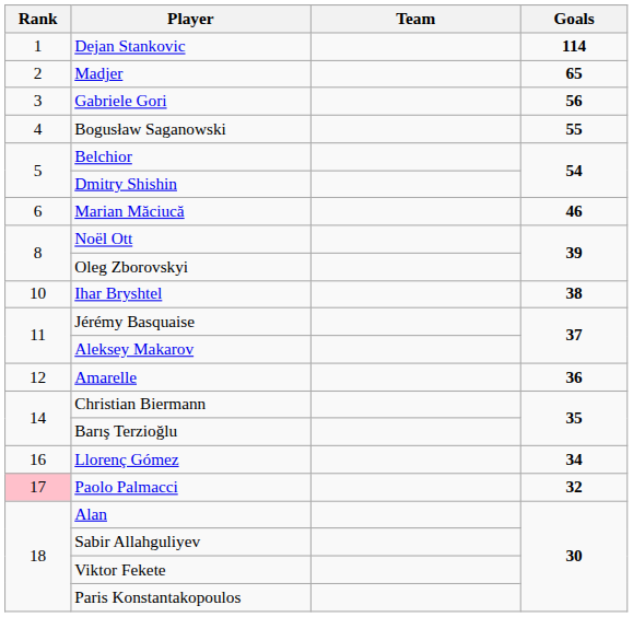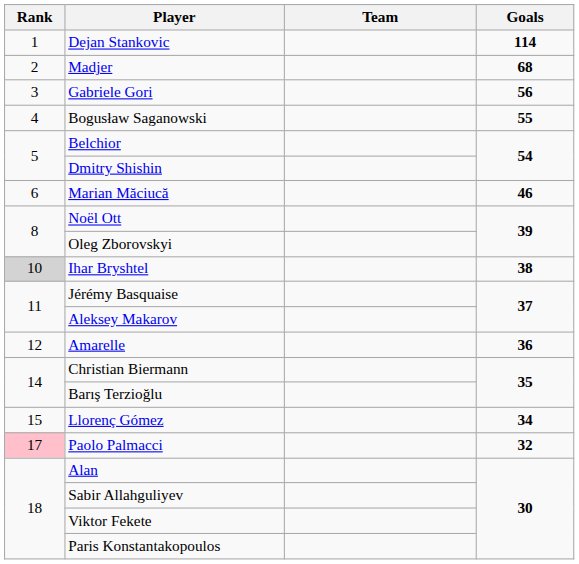 <table class="wikitable" style="text-align:center; font-size: 90%">
 <tr>
 <th width=50>Rank</th>
 <th width=200>Player</th>
 <th width=175>Team</th>
 <th width=85>Goals</th>
 </tr>
 <tr>
 <td>1</td>
 <td style="text-align:left"><a href='#'>Dejan Stankovic</a></td>
 <td style="text-align:left"></td>
 <td><strong>114</strong></td>
 </tr>
 <tr>
 <td>2</td>
 <td style="text-align:left"><a href='#'>Madjer</a></td>
 <td style="text-align:left"></td>
-<td><strong>65</strong></td>
+<td><strong>68</strong></td>
 </tr>
 <tr>
 <td>3</td>
 <td style="text-align:left"><a href='#'>Gabriele Gori</a></td>
 <td style="text-align:left"></td>
 <td><strong>56</strong></td>
 </tr>
 <tr>
 <td>4</td>
 <td style="text-align:left">Bogusław Saganowski</td>
 <td style="text-align:left"></td>
 <td><strong>55</strong></td>
 </tr>
 <tr>
 <td rowspan="2">5</td>
 <td style="text-align:left"><a href='#'>Belchior</a></td>
 <td style="text-align:left"></td>
 <td rowspan="2"><strong>54</strong></td>
 </tr>
 <tr>
 <td style="text-align:left"><a href='#'>Dmitry Shishin</a></td>
 <td style="text-align:left"></td>
 </tr>
 <tr>
 <td>6</td>
 <td style="text-align:left"><a href='#'>Marian Măciucă</a></td>
 <td style="text-align:left"></td>
 <td><strong>46</strong></td>
 </tr>
 <tr>
 <td rowspan="2">8</td>
 <td style="text-align:left"><a href='#'>Noël Ott</a></td>
 <td style="text-align:left"></td>
 <td rowspan="2"><strong>39</strong></td>
 </tr>
 <tr>
 <td style="text-align:left">Oleg Zborovskyi</td>
 <td style="text-align:left"></td>
 </tr>
 <tr>
-<td>10</td>
+<td style="background: lightgrey;">10</td>
 <td style="text-align:left"><a href='#'>Ihar Bryshtel</a></td>
 <td style="text-align:left"></td>
 <td><strong>38</strong></td>
 </tr>
 <tr>
 <td rowspan="2">11</td>
 <td style="text-align:left">Jérémy Basquaise</td>
 <td style="text-align:left"></td>
 <td rowspan="2"><strong>37</strong></td>
 </tr>
 <tr>
 <td style="text-align:left"><a href='#'>Aleksey Makarov</a></td>
 <td style="text-align:left"></td>
 </tr>
 <tr>
 <td>12</td>
 <td style="text-align:left"><a href='#'>Amarelle</a></td>
 <td style="text-align:left"></td>
 <td><strong>36</strong></td>
 </tr>
 <tr>
 <td rowspan="2">14</td>
 <td style="text-align:left">Christian Biermann</td>
 <td style="text-align:left"></td>
 <td rowspan="2"><strong>35</strong></td>
 </tr>
 <tr>
 <td style="text-align:left">Barış Terzioğlu</td>
 <td style="text-align:left"></td>
 </tr>
 <tr>
-<td>16</td>
+<td>15</td>
 <td style="text-align:left"><a href='#'>Llorenç Gómez</a></td>
 <td style="text-align:left"></td>
 <td><strong>34</strong></td>
 </tr>
 <tr>
 <td style="background: pink;">17</td>
 <td style="text-align:left"><a href='#'>Paolo Palmacci</a></td>
 <td style="text-align:left"></td>
 <td><strong>32</strong></td>
 </tr>
 <tr>
 <td rowspan="4">18</td>
 <td style="text-align:left"><a href='#'>Alan</a></td>
 <td style="text-align:left"></td>
 <td rowspan="4"><strong>30</strong></td>
 </tr>
 <tr>
 <td style="text-align:left">Sabir Allahguliyev</td>
 <td style="text-align:left"></td>
 </tr>
 <tr>
 <td style="text-align:left">Viktor Fekete</td>
 <td style="text-align:left"></td>
 </tr>
 <tr>
 <td style="text-align:left">Paris Konstantakopoulos</td>
 <td style="text-align:left"></td>
 </tr>
 </table>
